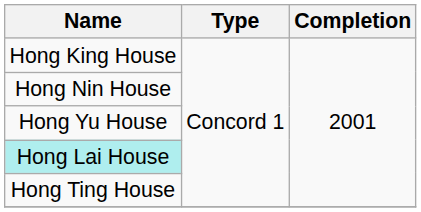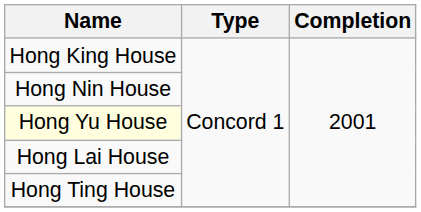 <table class="wikitable" style="text-align: center">
 <tr>
 <th>Name</th>
 <th>Type</th>
 <th>Completion</th>
 </tr>
 <tr>
 <td>Hong King House</td>
 <td rowspan="5">Concord 1</td>
 <td rowspan="5">2001</td>
 </tr>
 <tr>
 <td>Hong Nin House</td>
 </tr>
 <tr>
-<td>Hong Yu House</td>
+<td style="background: lightyellow;">Hong Yu House</td>
 </tr>
 <tr>
-<td style="background: paleturquoise;">Hong Lai House</td>
+<td>Hong Lai House</td>
 </tr>
 <tr>
 <td>Hong Ting House</td>
 </tr>
 <tr>
 </tr>
 </table>
